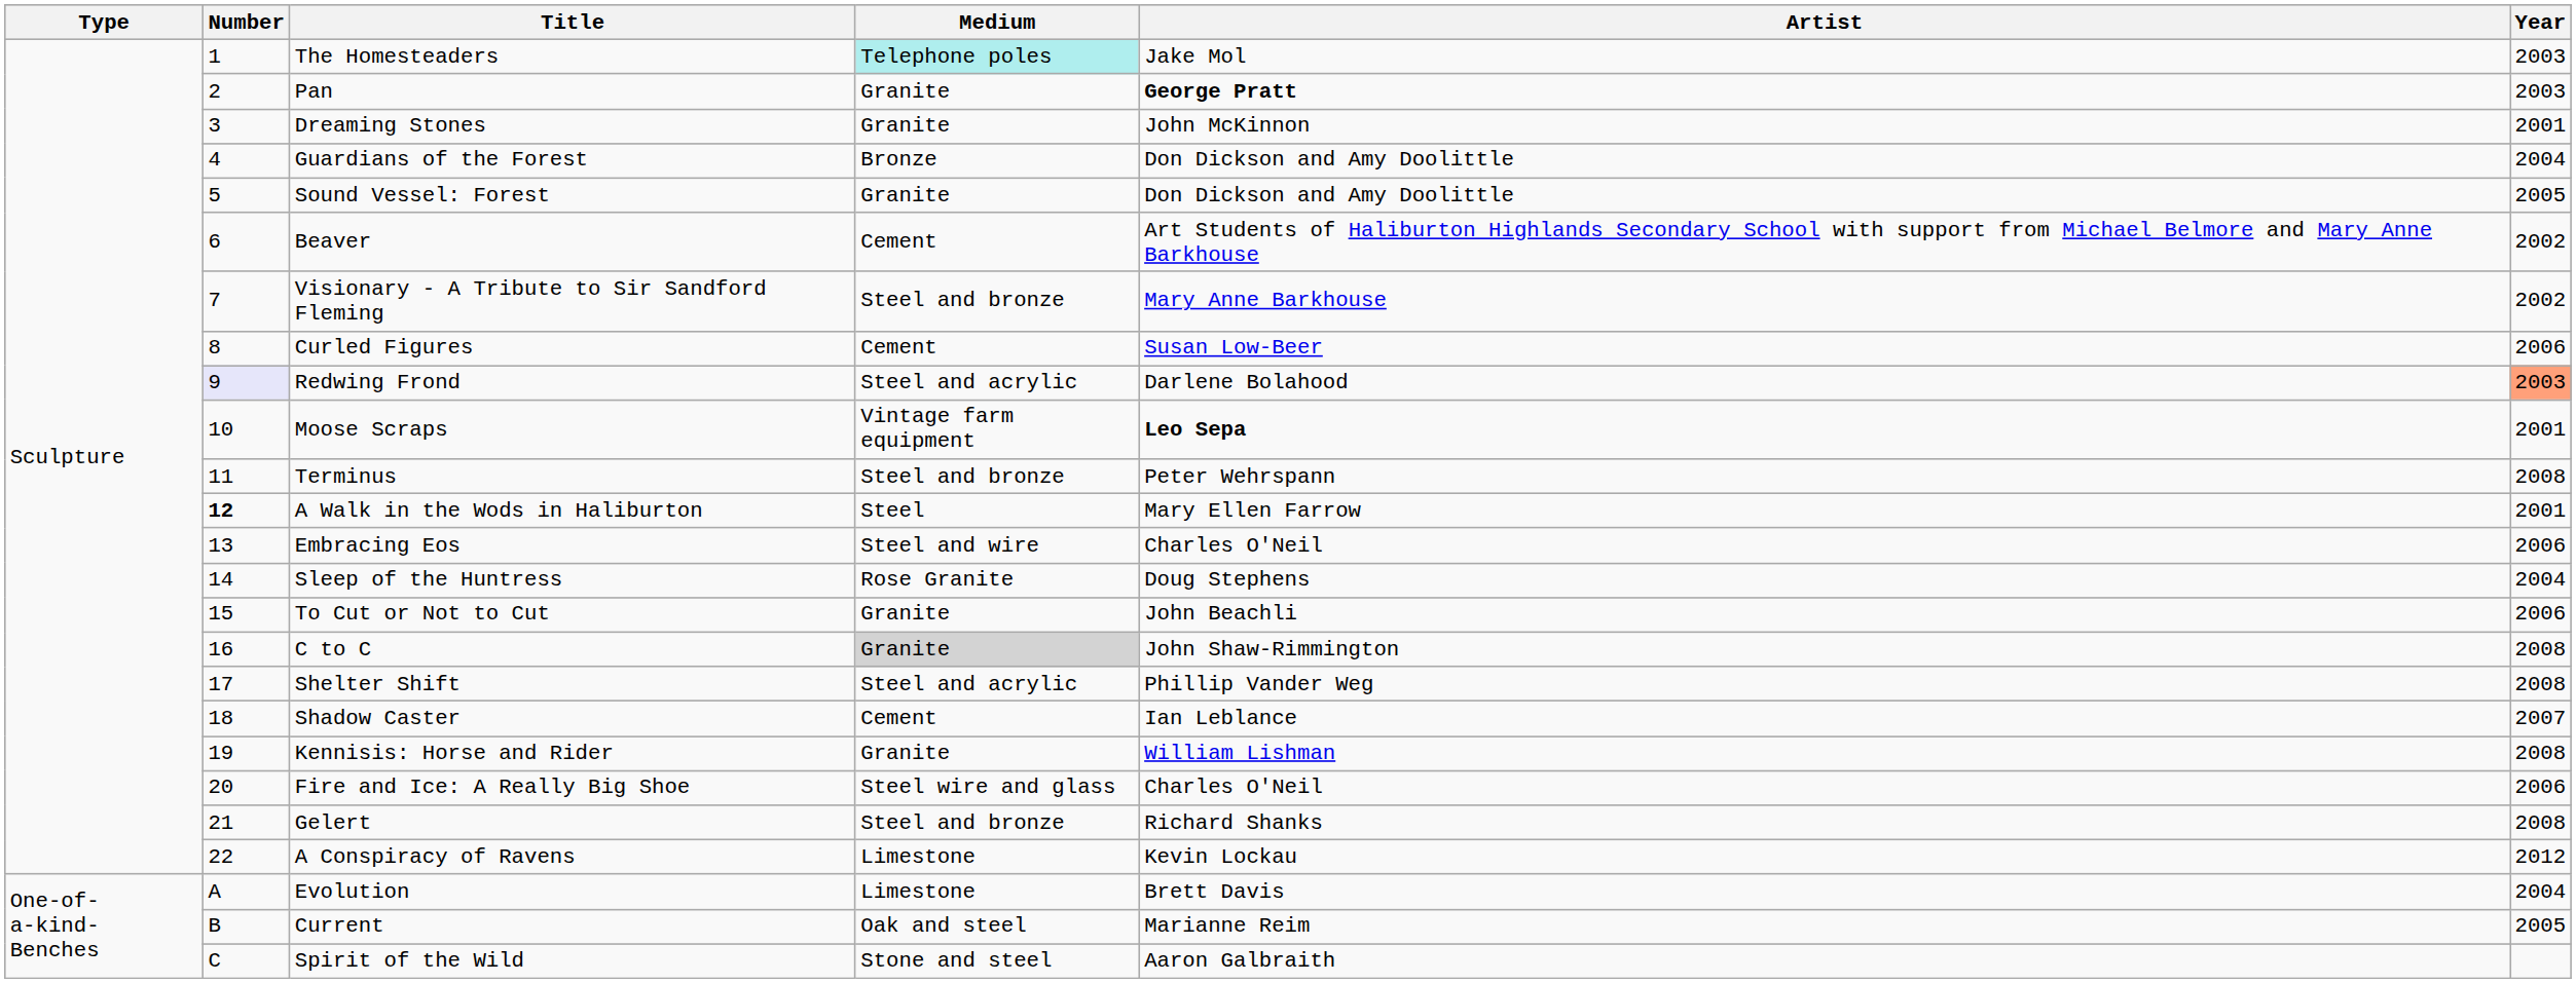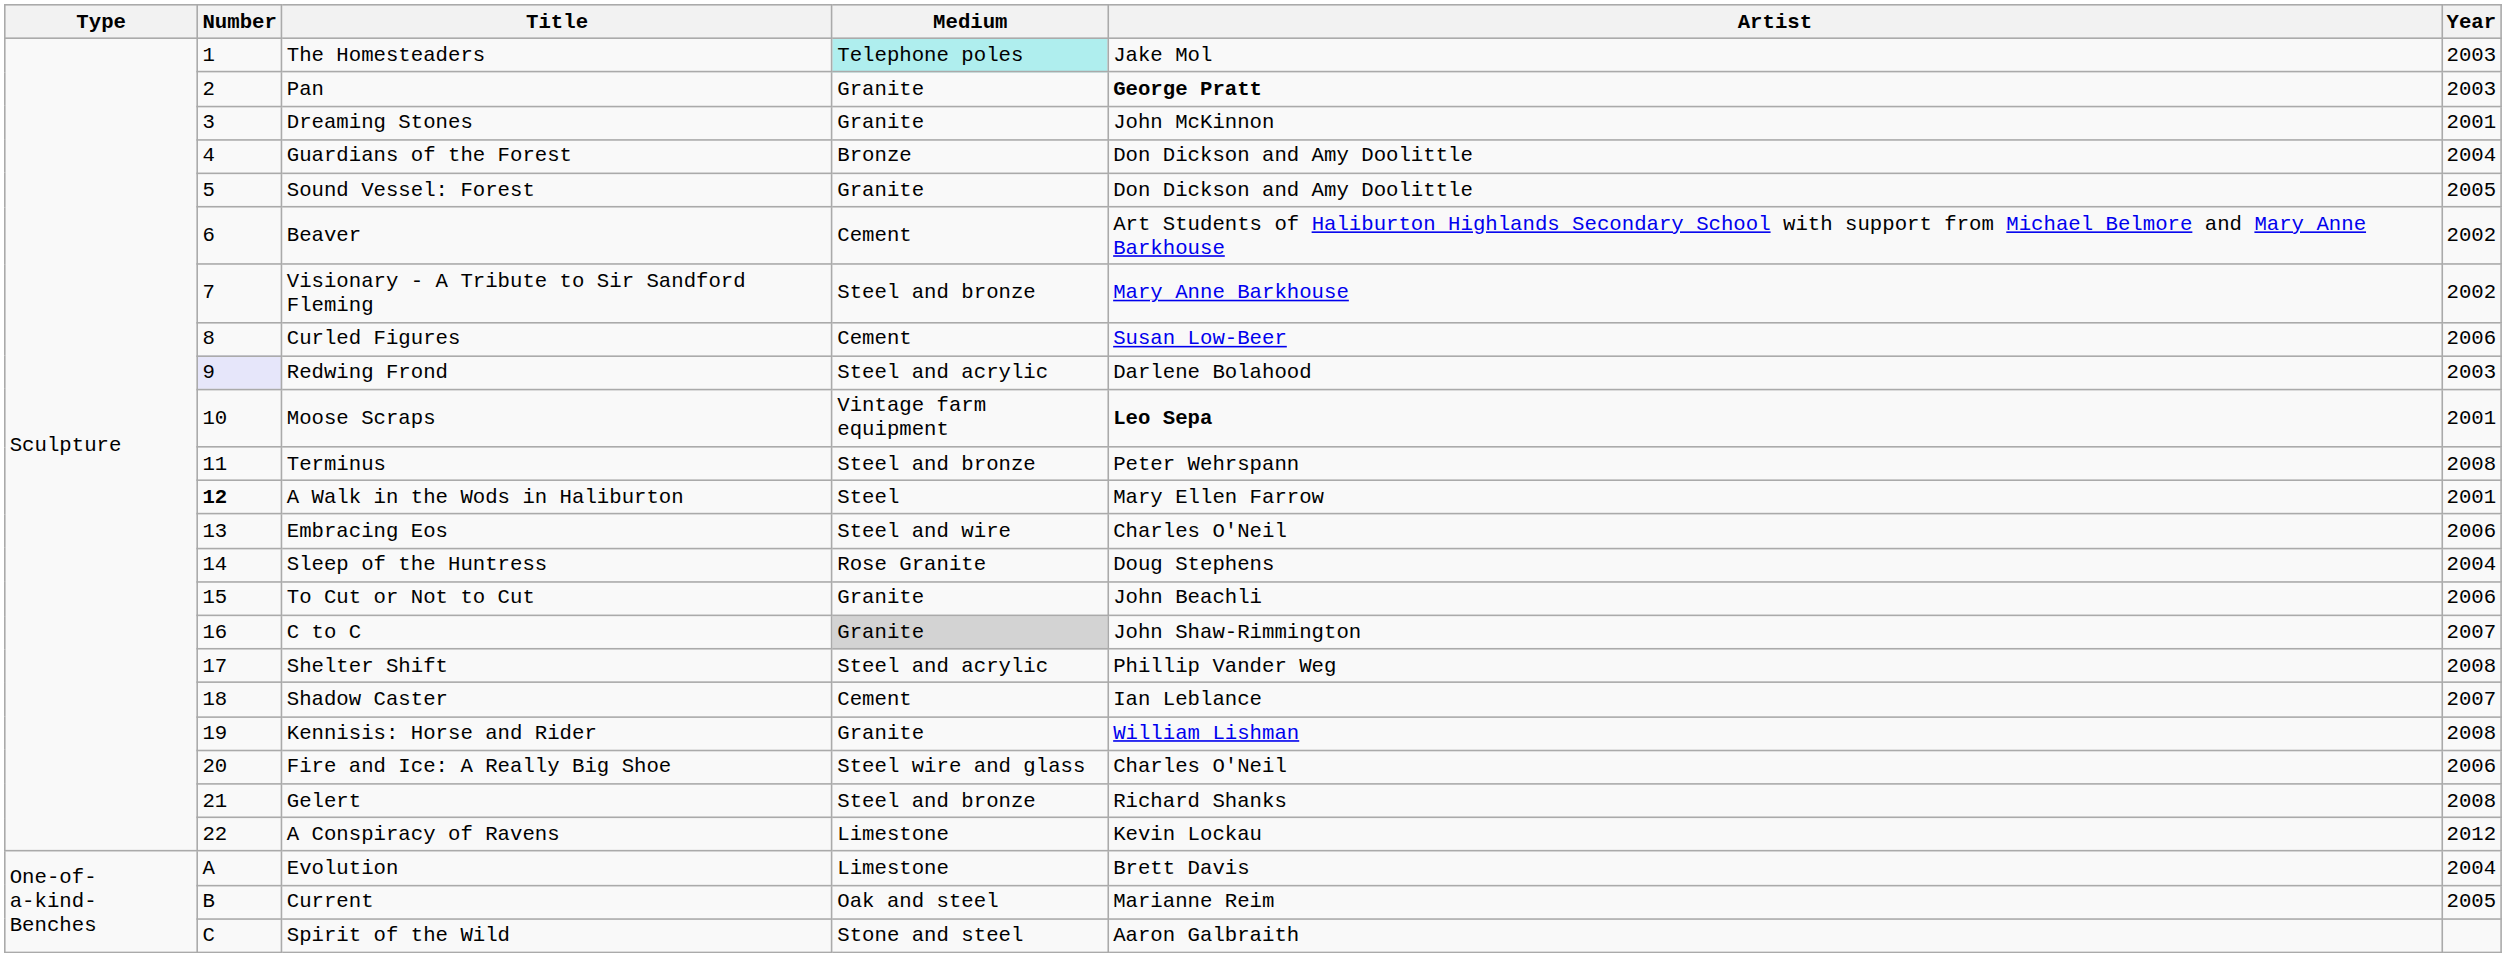 <table class="wikitable">
 <tr>
 <th>Type</th>
 <th>Number</th>
 <th>Title</th>
 <th>Medium</th>
 <th>Artist</th>
 <th>Year</th>
 </tr>
 <tr>
 <td rowspan="22">Sculpture</td>
 <td>1</td>
 <td>The Homesteaders</td>
 <td style="background: paleturquoise;">Telephone poles</td>
 <td>Jake Mol</td>
 <td>2003</td>
 </tr>
 <tr>
 <td>2</td>
 <td>Pan</td>
 <td>Granite</td>
 <td><strong>George Pratt</strong></td>
 <td>2003</td>
 </tr>
 <tr>
 <td>3</td>
 <td>Dreaming Stones</td>
 <td>Granite</td>
 <td>John McKinnon</td>
 <td>2001</td>
 </tr>
 <tr>
 <td>4</td>
 <td>Guardians of the Forest</td>
 <td>Bronze</td>
 <td>Don Dickson and Amy Doolittle</td>
 <td>2004</td>
 </tr>
 <tr>
 <td>5</td>
 <td>Sound Vessel: Forest</td>
 <td>Granite</td>
 <td>Don Dickson and Amy Doolittle</td>
 <td>2005</td>
 </tr>
 <tr>
 <td>6</td>
 <td>Beaver</td>
 <td>Cement</td>
 <td>Art Students of <a href='#'>Haliburton Highlands Secondary School</a> with support from <a href='#'>Michael Belmore</a> and <a href='#'>Mary Anne Barkhouse</a></td>
 <td>2002</td>
 </tr>
 <tr>
 <td>7</td>
 <td>Visionary - A Tribute to Sir Sandford Fleming</td>
 <td>Steel and bronze</td>
 <td><a href='#'>Mary Anne Barkhouse</a></td>
 <td>2002</td>
 </tr>
 <tr>
 <td>8</td>
 <td>Curled Figures</td>
 <td>Cement</td>
 <td><a href='#'>Susan Low-Beer</a></td>
 <td>2006</td>
 </tr>
 <tr>
 <td style="background: lavender;">9</td>
 <td>Redwing Frond</td>
 <td>Steel and acrylic</td>
 <td>Darlene Bolahood</td>
-<td style="background: lightsalmon;">2003</td>
+<td>2003</td>
 </tr>
 <tr>
 <td>10</td>
 <td>Moose Scraps</td>
 <td>Vintage farm equipment</td>
 <td><strong>Leo Sepa</strong></td>
 <td>2001</td>
 </tr>
 <tr>
 <td>11</td>
 <td>Terminus</td>
 <td>Steel and bronze</td>
 <td>Peter Wehrspann</td>
 <td>2008</td>
 </tr>
 <tr>
 <td><strong>12</strong></td>
 <td>A Walk in the Wods in Haliburton</td>
 <td>Steel</td>
 <td>Mary Ellen Farrow</td>
 <td>2001</td>
 </tr>
 <tr>
 <td>13</td>
 <td>Embracing Eos</td>
 <td>Steel and wire</td>
 <td>Charles O'Neil</td>
 <td>2006</td>
 </tr>
 <tr>
 <td>14</td>
 <td>Sleep of the Huntress</td>
 <td>Rose Granite</td>
 <td>Doug Stephens</td>
 <td>2004</td>
 </tr>
 <tr>
 <td>15</td>
 <td>To Cut or Not to Cut</td>
 <td>Granite</td>
 <td>John Beachli</td>
 <td>2006</td>
 </tr>
 <tr>
 <td>16</td>
 <td>C to C</td>
 <td style="background: lightgrey;">Granite</td>
 <td>John Shaw-Rimmington</td>
-<td>2008</td>
+<td>2007</td>
 </tr>
 <tr>
 <td>17</td>
 <td>Shelter Shift</td>
 <td>Steel and acrylic</td>
 <td>Phillip Vander Weg</td>
 <td>2008</td>
 </tr>
 <tr>
 <td>18</td>
 <td>Shadow Caster</td>
 <td>Cement</td>
 <td>Ian Leblance</td>
 <td>2007</td>
 </tr>
 <tr>
 <td>19</td>
 <td>Kennisis: Horse and Rider</td>
 <td>Granite</td>
 <td><a href='#'>William Lishman</a></td>
 <td>2008</td>
 </tr>
 <tr>
 <td>20</td>
 <td>Fire and Ice: A Really Big Shoe</td>
 <td>Steel wire and glass</td>
 <td>Charles O'Neil</td>
 <td>2006</td>
 </tr>
 <tr>
 <td>21</td>
 <td>Gelert</td>
 <td>Steel and bronze</td>
 <td>Richard Shanks</td>
 <td>2008</td>
 </tr>
 <tr>
 <td>22</td>
 <td>A Conspiracy of Ravens</td>
 <td>Limestone</td>
 <td>Kevin Lockau</td>
 <td>2012</td>
 </tr>
 <tr>
 <td rowspan="3">One-of-<br>a-kind- Benches</td>
 <td>A</td>
 <td>Evolution</td>
 <td>Limestone</td>
 <td>Brett Davis</td>
 <td>2004</td>
 </tr>
 <tr>
 <td>B</td>
 <td>Current</td>
 <td>Oak and steel</td>
 <td>Marianne Reim</td>
 <td>2005</td>
 </tr>
 <tr>
 <td>C</td>
 <td>Spirit of the Wild</td>
 <td>Stone and steel</td>
 <td>Aaron Galbraith</td>
 <td></td>
 </tr>
 </table>
